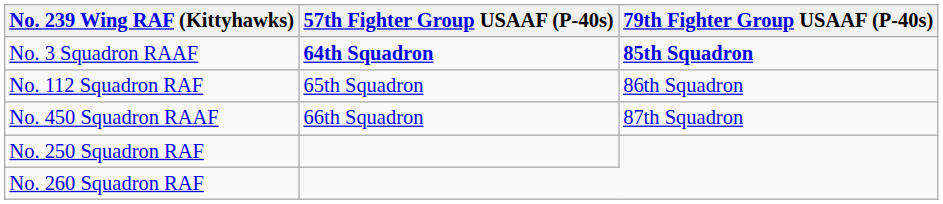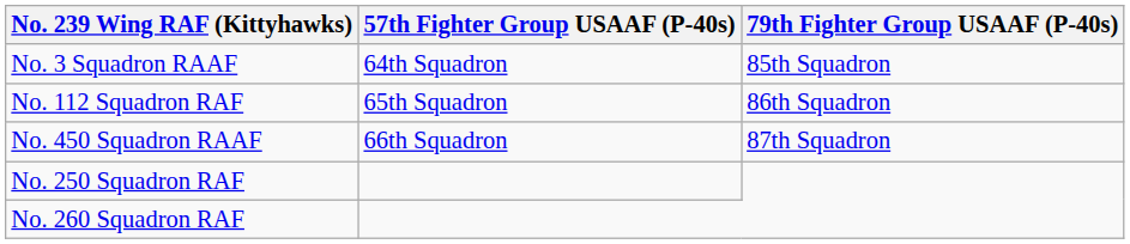 <table class="wikitable">
 <tr>
 <th><a href='#'>No. 239 Wing RAF</a> (Kittyhawks)</th>
 <th><a href='#'>57th Fighter Group</a> USAAF (P-40s)</th>
 <th><a href='#'>79th Fighter Group</a> USAAF (P-40s)</th>
 </tr>
 <tr>
 <td><a href='#'>No. 3 Squadron RAAF</a></td>
-<td><strong><a href='#'>64th Squadron</a></strong></td>
-<td><strong><a href='#'>85th Squadron</a></strong></td>
+<td><a href='#'>64th Squadron</a></td>
+<td><a href='#'>85th Squadron</a></td>
 </tr>
 <tr>
 <td><a href='#'>No. 112 Squadron RAF</a></td>
 <td><a href='#'>65th Squadron</a></td>
 <td><a href='#'>86th Squadron</a></td>
 </tr>
 <tr>
 <td><a href='#'>No. 450 Squadron RAAF</a></td>
 <td><a href='#'>66th Squadron</a></td>
 <td><a href='#'>87th Squadron</a></td>
 </tr>
 <tr>
 <td><a href='#'>No. 250 Squadron RAF</a></td>
 <td></td>
 </tr>
 <tr>
 <td><a href='#'>No. 260 Squadron RAF</a></td>
 </tr>
 </table>
